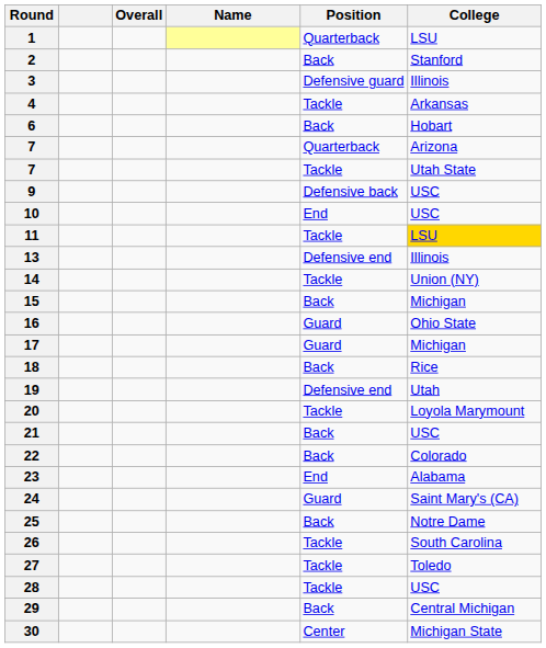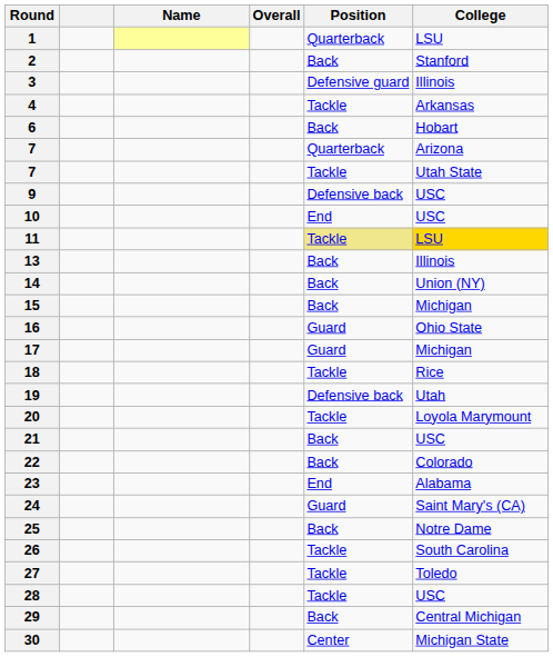 <table class="wikitable sortable">
 <tr>
 <th scope="col" style="width: 10%;">Round</th>
 <th scope="col" style="width: 10%;"></th>
+<th scope="col" style="width: 25%;">Name</th>
 <th scope="col" style="width: 10%;">Overall</th>
-<th scope="col" style="width: 25%;">Name</th>
 <th scope="col" style="width: 20%;">Position</th>
 <th scope="col" style="width: 25%;">College</th>
 </tr>
 <tr>
 <th scope="row">1</th>
 <td></td>
+<td style="background-color: #FFFF99;"> </td>
 <td></td>
-<td style="background-color: #FFFF99;"> </td>
 <td><a href='#'>Quarterback</a></td>
 <td><a href='#'>LSU</a></td>
 </tr>
 <tr>
 <th scope="row">2</th>
 <td></td>
 <td></td>
 <td></td>
 <td><a href='#'>Back</a></td>
 <td><a href='#'>Stanford</a></td>
 </tr>
 <tr>
 <th scope="row">3</th>
 <td></td>
 <td></td>
 <td></td>
 <td><a href='#'>Defensive guard</a></td>
 <td><a href='#'>Illinois</a></td>
 </tr>
 <tr>
 <th scope="row">4</th>
 <td></td>
 <td></td>
 <td></td>
 <td><a href='#'>Tackle</a></td>
 <td><a href='#'>Arkansas</a></td>
 </tr>
 <tr>
 <th scope="row">6</th>
 <td></td>
 <td></td>
 <td></td>
 <td><a href='#'>Back</a></td>
 <td><a href='#'>Hobart</a></td>
 </tr>
 <tr>
 <th scope="row">7</th>
 <td></td>
 <td></td>
 <td></td>
 <td><a href='#'>Quarterback</a></td>
 <td><a href='#'>Arizona</a></td>
 </tr>
 <tr>
 <th scope="row">7</th>
 <td></td>
 <td></td>
 <td></td>
 <td><a href='#'>Tackle</a></td>
 <td><a href='#'>Utah State</a></td>
 </tr>
 <tr>
 <th scope="row">9</th>
 <td></td>
 <td></td>
 <td></td>
 <td><a href='#'>Defensive back</a></td>
 <td><a href='#'>USC</a></td>
 </tr>
 <tr>
 <th scope="row">10</th>
 <td></td>
 <td></td>
 <td></td>
 <td><a href='#'>End</a></td>
 <td><a href='#'>USC</a></td>
 </tr>
 <tr>
 <th scope="row">11</th>
 <td></td>
 <td></td>
 <td></td>
-<td><a href='#'>Tackle</a></td>
+<td style="background: khaki;"><a href='#'>Tackle</a></td>
 <td style="background: gold;"><a href='#'>LSU</a></td>
 </tr>
 <tr>
 <th scope="row">13</th>
 <td></td>
 <td></td>
 <td></td>
-<td><a href='#'>Defensive end</a></td>
+<td><a href='#'>Back</a></td>
 <td><a href='#'>Illinois</a></td>
 </tr>
 <tr>
 <th scope="row">14</th>
 <td></td>
 <td></td>
 <td></td>
-<td><a href='#'>Tackle</a></td>
+<td><a href='#'>Back</a></td>
 <td><a href='#'>Union (NY)</a></td>
 </tr>
 <tr>
 <th scope="row">15</th>
 <td></td>
 <td></td>
 <td></td>
 <td><a href='#'>Back</a></td>
 <td><a href='#'>Michigan</a></td>
 </tr>
 <tr>
 <th scope="row">16</th>
 <td></td>
 <td></td>
 <td></td>
 <td><a href='#'>Guard</a></td>
 <td><a href='#'>Ohio State</a></td>
 </tr>
 <tr>
 <th scope="row">17</th>
 <td></td>
 <td></td>
 <td></td>
 <td><a href='#'>Guard</a></td>
 <td><a href='#'>Michigan</a></td>
 </tr>
 <tr>
 <th scope="row">18</th>
 <td></td>
 <td></td>
 <td></td>
-<td><a href='#'>Back</a></td>
+<td><a href='#'>Tackle</a></td>
 <td><a href='#'>Rice</a></td>
 </tr>
 <tr>
 <th scope="row">19</th>
 <td></td>
 <td></td>
 <td></td>
-<td><a href='#'>Defensive end</a></td>
+<td><a href='#'>Defensive back</a></td>
 <td><a href='#'>Utah</a></td>
 </tr>
 <tr>
 <th scope="row">20</th>
 <td></td>
 <td></td>
 <td></td>
 <td><a href='#'>Tackle</a></td>
 <td><a href='#'>Loyola Marymount</a></td>
 </tr>
 <tr>
 <th scope="row">21</th>
 <td></td>
 <td></td>
 <td></td>
 <td><a href='#'>Back</a></td>
 <td><a href='#'>USC</a></td>
 </tr>
 <tr>
 <th scope="row">22</th>
 <td></td>
 <td></td>
 <td></td>
 <td><a href='#'>Back</a></td>
 <td><a href='#'>Colorado</a></td>
 </tr>
 <tr>
 <th scope="row">23</th>
 <td></td>
 <td></td>
 <td></td>
 <td><a href='#'>End</a></td>
 <td><a href='#'>Alabama</a></td>
 </tr>
 <tr>
 <th scope="row">24</th>
 <td></td>
 <td></td>
 <td></td>
 <td><a href='#'>Guard</a></td>
 <td><a href='#'>Saint Mary's (CA)</a></td>
 </tr>
 <tr>
 <th scope="row">25</th>
 <td></td>
 <td></td>
 <td></td>
 <td><a href='#'>Back</a></td>
 <td><a href='#'>Notre Dame</a></td>
 </tr>
 <tr>
 <th scope="row">26</th>
 <td></td>
 <td></td>
 <td></td>
 <td><a href='#'>Tackle</a></td>
 <td><a href='#'>South Carolina</a></td>
 </tr>
 <tr>
 <th scope="row">27</th>
 <td></td>
 <td></td>
 <td></td>
 <td><a href='#'>Tackle</a></td>
 <td><a href='#'>Toledo</a></td>
 </tr>
 <tr>
 <th scope="row">28</th>
 <td></td>
 <td></td>
 <td></td>
 <td><a href='#'>Tackle</a></td>
 <td><a href='#'>USC</a></td>
 </tr>
 <tr>
 <th scope="row">29</th>
 <td></td>
 <td></td>
 <td></td>
 <td><a href='#'>Back</a></td>
 <td><a href='#'>Central Michigan</a></td>
 </tr>
 <tr>
 <th scope="row">30</th>
 <td></td>
 <td></td>
 <td></td>
 <td><a href='#'>Center</a></td>
 <td><a href='#'>Michigan State</a></td>
 </tr>
 </table>
